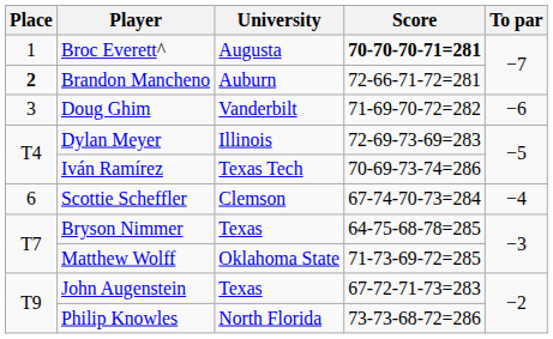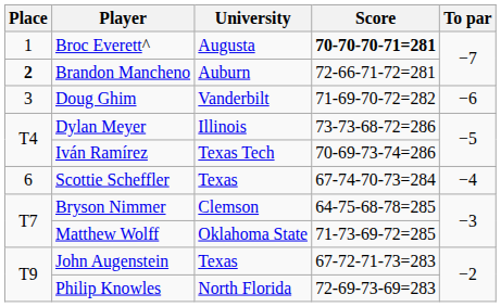 <table class="wikitable">
 <tr>
 <th>Place</th>
 <th>Player</th>
 <th>University</th>
 <th>Score</th>
 <th>To par</th>
 </tr>
 <tr>
 <td align=center>1</td>
 <td><a href='#'>Broc Everett</a>^</td>
 <td><a href='#'>Augusta</a></td>
 <td><strong>70-70-70-71=281</strong></td>
 <td align=center rowspan=2>−7</td>
 </tr>
 <tr>
 <td align=center><strong>2</strong></td>
 <td><a href='#'>Brandon Mancheno</a></td>
 <td><a href='#'>Auburn</a></td>
 <td>72-66-71-72=281</td>
 </tr>
 <tr>
 <td align=center>3</td>
 <td><a href='#'>Doug Ghim</a></td>
 <td><a href='#'>Vanderbilt</a></td>
 <td>71-69-70-72=282</td>
 <td align=center>−6</td>
 </tr>
 <tr>
 <td align=center rowspan=2>T4</td>
 <td><a href='#'>Dylan Meyer</a></td>
 <td><a href='#'>Illinois</a></td>
-<td>72-69-73-69=283</td>
+<td>73-73-68-72=286</td>
 <td align=center rowspan=2>−5</td>
 </tr>
 <tr>
 <td><a href='#'>Iván Ramírez</a></td>
 <td><a href='#'>Texas Tech</a></td>
 <td>70-69-73-74=286</td>
 </tr>
 <tr>
 <td align=center>6</td>
 <td><a href='#'>Scottie Scheffler</a></td>
-<td><a href='#'>Clemson</a></td>
+<td><a href='#'>Texas</a></td>
 <td>67-74-70-73=284</td>
 <td align=center>−4</td>
 </tr>
 <tr>
 <td align=center rowspan=2>T7</td>
 <td><a href='#'>Bryson Nimmer</a></td>
-<td><a href='#'>Texas</a></td>
+<td><a href='#'>Clemson</a></td>
 <td>64-75-68-78=285</td>
 <td align=center rowspan=2>−3</td>
 </tr>
 <tr>
 <td><a href='#'>Matthew Wolff</a></td>
 <td><a href='#'>Oklahoma State</a></td>
 <td>71-73-69-72=285</td>
 </tr>
 <tr>
 <td align=center rowspan=2>T9</td>
 <td><a href='#'>John Augenstein</a></td>
 <td><a href='#'>Texas</a></td>
 <td>67-72-71-73=283</td>
 <td align=center rowspan=2>−2</td>
 </tr>
 <tr>
 <td><a href='#'>Philip Knowles</a></td>
 <td><a href='#'>North Florida</a></td>
-<td>73-73-68-72=286</td>
+<td>72-69-73-69=283</td>
 </tr>
 </table>
